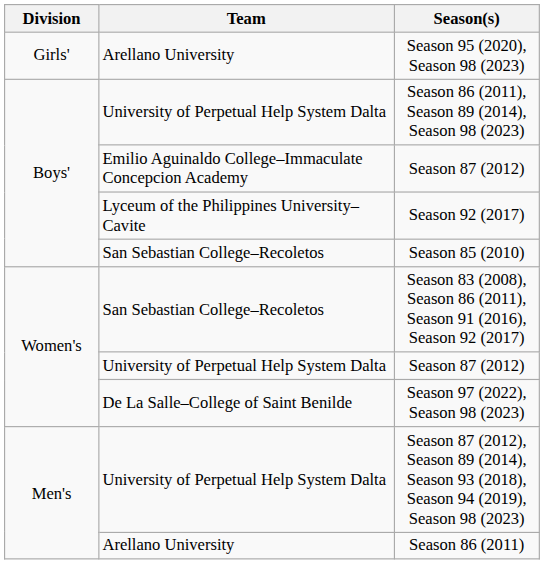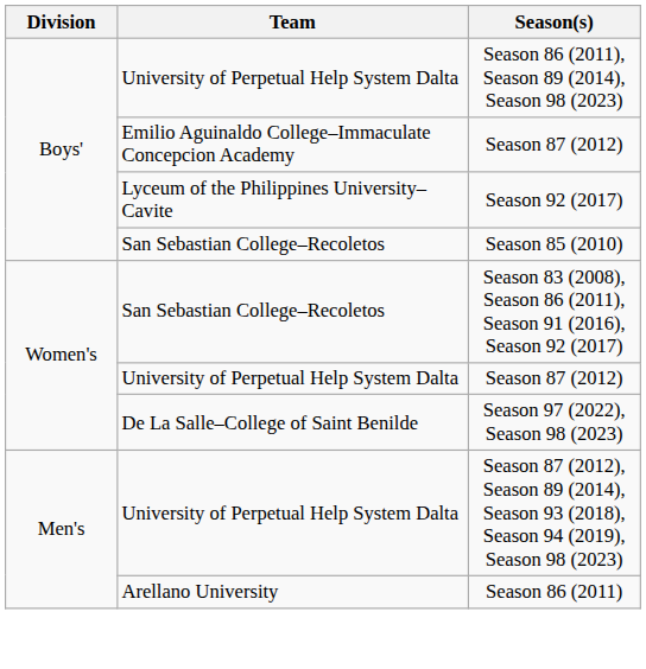 <table class="wikitable" style="font-size:90%; text-align:center;">
 <tr>
 <th width="75px">Division</th>
 <th width="250px">Team</th>
 <th width="120px">Season(s)</th>
-</tr>
-<tr>
-<td rowspan="1">Girls'</td>
-<td align="left">Arellano University</td>
-<td>Season 95 (2020),<br>Season 98 (2023)</td>
 </tr>
 <tr>
 <td rowspan="4">Boys'</td>
 <td align="left">University of Perpetual Help System Dalta</td>
 <td>Season 86 (2011),<br>Season 89 (2014),<br>Season 98 (2023)</td>
 </tr>
 <tr>
 <td align="left">Emilio Aguinaldo College–Immaculate Concepcion Academy</td>
 <td>Season 87 (2012)</td>
 </tr>
 <tr>
 <td align="left">Lyceum of the Philippines University–Cavite</td>
 <td>Season 92 (2017)</td>
 </tr>
 <tr>
 <td align="left">San Sebastian College–Recoletos</td>
 <td>Season 85 (2010)</td>
 </tr>
 <tr>
 <td rowspan="3">Women's</td>
 <td align="left">San Sebastian College–Recoletos</td>
 <td>Season 83 (2008),<br>Season 86 (2011),<br>Season 91 (2016),<br>Season 92 (2017)</td>
 </tr>
 <tr>
 <td align="left">University of Perpetual Help System Dalta</td>
 <td>Season 87 (2012)</td>
 </tr>
 <tr>
 <td align="left">De La Salle–College of Saint Benilde</td>
 <td>Season 97 (2022),<br>Season 98 (2023)</td>
 </tr>
 <tr>
 <td rowspan="2">Men's</td>
 <td align="left">University of Perpetual Help System Dalta</td>
 <td>Season 87 (2012),<br>Season 89 (2014),<br>Season 93 (2018),<br>Season 94 (2019),<br>Season 98 (2023)</td>
 </tr>
 <tr>
 <td align="left">Arellano University</td>
 <td>Season 86 (2011)</td>
 </tr>
 </table>
